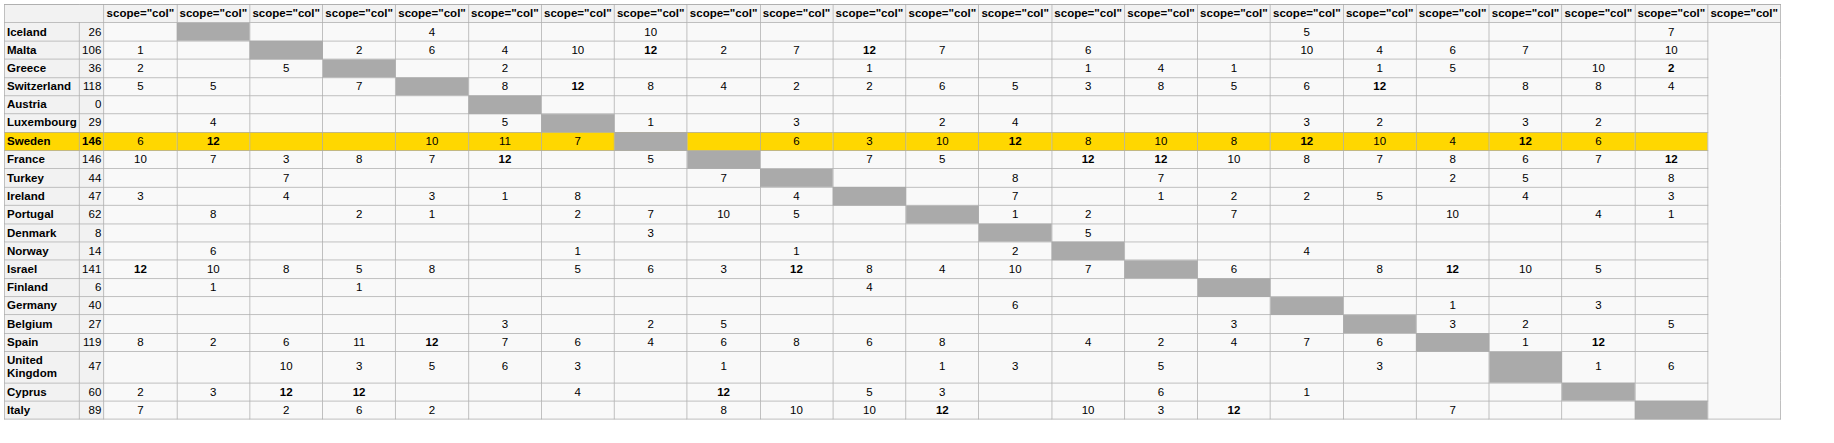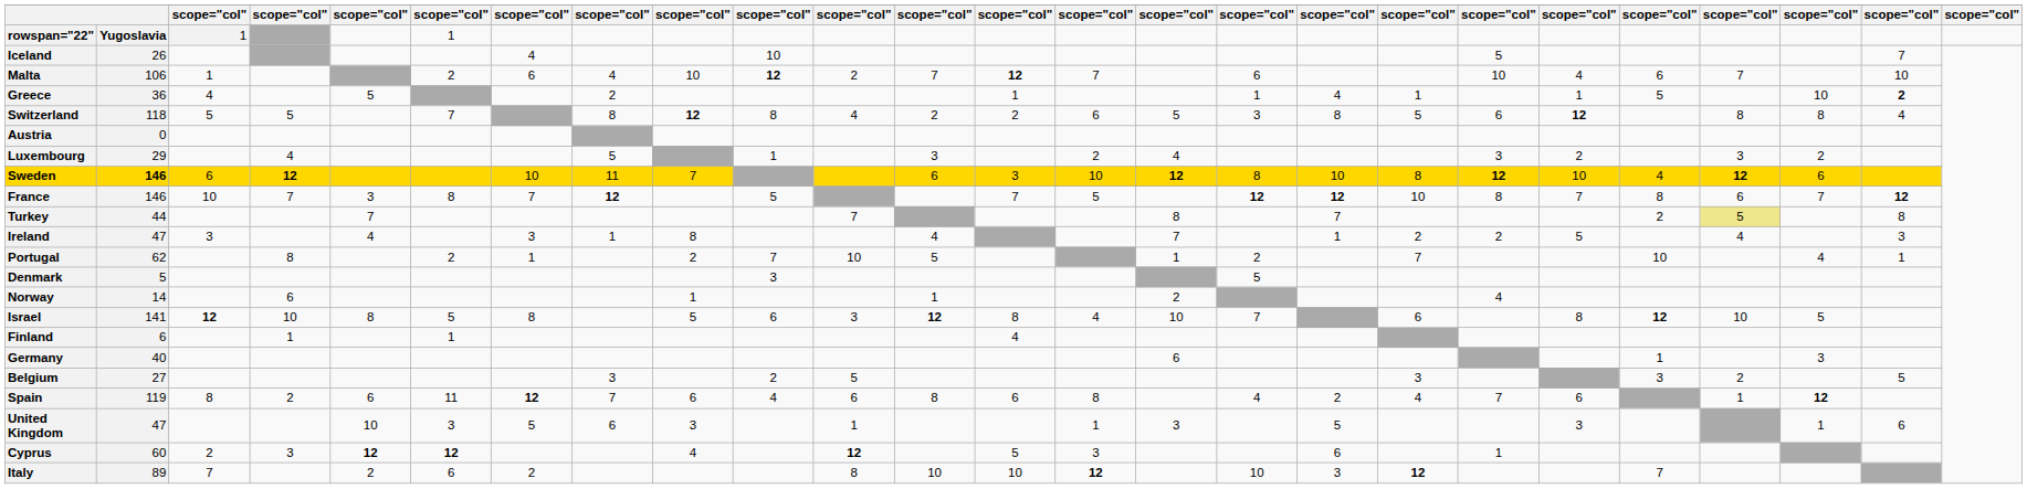 <table class="wikitable plainrowheaders" style="text-align:center;">
 <tr>
 </tr>
 <tr>
 <th colspan="2"></th>
 <th>scope="col" </th>
 <th>scope="col" </th>
 <th>scope="col" </th>
 <th>scope="col" </th>
 <th>scope="col" </th>
 <th>scope="col" </th>
 <th>scope="col" </th>
 <th>scope="col" </th>
 <th>scope="col" </th>
 <th>scope="col" </th>
 <th>scope="col" </th>
 <th>scope="col" </th>
 <th>scope="col" </th>
 <th>scope="col" </th>
 <th>scope="col" </th>
 <th>scope="col" </th>
 <th>scope="col" </th>
 <th>scope="col" </th>
 <th>scope="col" </th>
 <th>scope="col" </th>
 <th>scope="col" </th>
 <th>scope="col" </th>
 <th>scope="col" </th>
+</tr>
+<tr>
+<th>rowspan="22" </th>
+<th scope="row" style="text-align:left; background:#f2f2f2;">Yugoslavia</th>
+<td style="text-align:right; background:#f2f2f2;">1</td>
+<td style="text-align:left; background:#aaa;"></td>
+<td></td>
+<td>1</td>
+<td></td>
+<td></td>
+<td></td>
+<td></td>
+<td></td>
+<td></td>
+<td></td>
+<td></td>
+<td></td>
+<td></td>
+<td></td>
+<td></td>
+<td></td>
+<td></td>
+<td></td>
+<td></td>
+<td></td>
+<td></td>
+<td></td>
 </tr>
 <tr>
 <th scope="row" style="text-align:left; background:#f2f2f2;">Iceland</th>
 <td style="text-align:right; background:#f2f2f2;">26</td>
 <td></td>
 <td style="text-align:left; background:#aaa;"></td>
 <td></td>
 <td></td>
 <td>4</td>
 <td></td>
 <td></td>
 <td>10</td>
 <td></td>
 <td></td>
 <td></td>
 <td></td>
 <td></td>
 <td></td>
 <td></td>
 <td></td>
 <td>5</td>
 <td></td>
 <td></td>
 <td></td>
 <td></td>
 <td>7</td>
 </tr>
 <tr>
 <th scope="row" style="text-align:left; background:#f2f2f2;">Malta</th>
 <td style="text-align:right; background:#f2f2f2;">106</td>
 <td>1</td>
 <td></td>
 <td style="text-align:left; background:#aaa;"></td>
 <td>2</td>
 <td>6</td>
 <td>4</td>
 <td>10</td>
 <td><strong>12</strong></td>
 <td>2</td>
 <td>7</td>
 <td><strong>12</strong></td>
 <td>7</td>
 <td></td>
 <td>6</td>
 <td></td>
 <td></td>
 <td>10</td>
 <td>4</td>
 <td>6</td>
 <td>7</td>
 <td></td>
 <td>10</td>
 </tr>
 <tr>
 <th scope="row" style="text-align:left; background:#f2f2f2;">Greece</th>
 <td style="text-align:right; background:#f2f2f2;">36</td>
-<td>2</td>
+<td>4</td>
 <td></td>
 <td>5</td>
 <td style="text-align:left; background:#aaa;"></td>
 <td></td>
 <td>2</td>
 <td></td>
 <td></td>
 <td></td>
 <td></td>
 <td>1</td>
 <td></td>
 <td></td>
 <td>1</td>
 <td>4</td>
 <td>1</td>
 <td></td>
 <td>1</td>
 <td>5</td>
 <td></td>
 <td>10</td>
 <td><strong>2</strong></td>
 </tr>
 <tr>
 <th scope="row" style="text-align:left; background:#f2f2f2;">Switzerland</th>
 <td style="text-align:right; background:#f2f2f2;">118</td>
 <td>5</td>
 <td>5</td>
 <td></td>
 <td>7</td>
 <td style="text-align:left; background:#aaa;"></td>
 <td>8</td>
 <td><strong>12</strong></td>
 <td>8</td>
 <td>4</td>
 <td>2</td>
 <td>2</td>
 <td>6</td>
 <td>5</td>
 <td>3</td>
 <td>8</td>
 <td>5</td>
 <td>6</td>
 <td><strong>12</strong></td>
 <td></td>
 <td>8</td>
 <td>8</td>
 <td>4</td>
 </tr>
 <tr>
 <th scope="row" style="text-align:left; background:#f2f2f2;">Austria</th>
 <td style="text-align:right; background:#f2f2f2;">0</td>
 <td></td>
 <td></td>
 <td></td>
 <td></td>
 <td></td>
 <td style="text-align:left; background:#aaa;"></td>
 <td></td>
 <td></td>
 <td></td>
 <td></td>
 <td></td>
 <td></td>
 <td></td>
 <td></td>
 <td></td>
 <td></td>
 <td></td>
 <td></td>
 <td></td>
 <td></td>
 <td></td>
 <td></td>
 </tr>
 <tr>
 <th scope="row" style="text-align:left; background:#f2f2f2;">Luxembourg</th>
 <td style="text-align:right; background:#f2f2f2;">29</td>
 <td></td>
 <td>4</td>
 <td></td>
 <td></td>
 <td></td>
 <td>5</td>
 <td style="text-align:left; background:#aaa;"></td>
 <td>1</td>
 <td></td>
 <td>3</td>
 <td></td>
 <td>2</td>
 <td>4</td>
 <td></td>
 <td></td>
 <td></td>
 <td>3</td>
 <td>2</td>
 <td></td>
 <td>3</td>
 <td>2</td>
 <td></td>
 </tr>
 <tr style="background:gold;">
 <th scope="row" style="text-align:left; font-weight:bold; background:gold;">Sweden</th>
 <td style="text-align:right; font-weight:bold;">146</td>
 <td>6</td>
 <td><strong>12</strong></td>
 <td></td>
 <td></td>
 <td>10</td>
 <td>11</td>
 <td>7</td>
 <td style="text-align:left; background:#aaa;"></td>
 <td></td>
 <td>6</td>
 <td>3</td>
 <td>10</td>
 <td><strong>12</strong></td>
 <td>8</td>
 <td>10</td>
 <td>8</td>
 <td><strong>12</strong></td>
 <td>10</td>
 <td>4</td>
 <td><strong>12</strong></td>
 <td>6</td>
 <td></td>
 </tr>
 <tr>
 <th scope="row" style="text-align:left; background:#f2f2f2;">France</th>
 <td style="text-align:right; background:#f2f2f2;">146</td>
 <td>10</td>
 <td>7</td>
 <td>3</td>
 <td>8</td>
 <td>7</td>
 <td><strong>12</strong></td>
 <td></td>
 <td>5</td>
 <td style="text-align:left; background:#aaa;"></td>
 <td></td>
 <td>7</td>
 <td>5</td>
 <td></td>
 <td><strong>12</strong></td>
 <td><strong>12</strong></td>
 <td>10</td>
 <td>8</td>
 <td>7</td>
 <td>8</td>
 <td>6</td>
 <td>7</td>
 <td><strong>12</strong></td>
 </tr>
 <tr>
 <th scope="row" style="text-align:left; background:#f2f2f2;">Turkey</th>
 <td style="text-align:right; background:#f2f2f2;">44</td>
 <td></td>
 <td></td>
 <td>7</td>
 <td></td>
 <td></td>
 <td></td>
 <td></td>
 <td></td>
 <td>7</td>
 <td style="text-align:left; background:#aaa;"></td>
 <td></td>
 <td></td>
 <td>8</td>
 <td></td>
 <td>7</td>
 <td></td>
 <td></td>
 <td></td>
 <td>2</td>
-<td>5</td>
+<td style="background: khaki;">5</td>
 <td></td>
 <td>8</td>
 </tr>
 <tr>
 <th scope="row" style="text-align:left; background:#f2f2f2;">Ireland</th>
 <td style="text-align:right; background:#f2f2f2;">47</td>
 <td>3</td>
 <td></td>
 <td>4</td>
 <td></td>
 <td>3</td>
 <td>1</td>
 <td>8</td>
 <td></td>
 <td></td>
 <td>4</td>
 <td style="text-align:left; background:#aaa;"></td>
 <td></td>
 <td>7</td>
 <td></td>
 <td>1</td>
 <td>2</td>
 <td>2</td>
 <td>5</td>
 <td></td>
 <td>4</td>
 <td></td>
 <td>3</td>
 </tr>
 <tr>
 <th scope="row" style="text-align:left; background:#f2f2f2;">Portugal</th>
 <td style="text-align:right; background:#f2f2f2;">62</td>
 <td></td>
 <td>8</td>
 <td></td>
 <td>2</td>
 <td>1</td>
 <td></td>
 <td>2</td>
 <td>7</td>
 <td>10</td>
 <td>5</td>
 <td></td>
 <td style="text-align:left; background:#aaa;"></td>
 <td>1</td>
 <td>2</td>
 <td></td>
 <td>7</td>
 <td></td>
 <td></td>
 <td>10</td>
 <td></td>
 <td>4</td>
 <td>1</td>
 </tr>
 <tr>
 <th scope="row" style="text-align:left; background:#f2f2f2;">Denmark</th>
-<td style="text-align:right; background:#f2f2f2;">8</td>
+<td style="text-align:right; background:#f2f2f2;">5</td>
 <td></td>
 <td></td>
 <td></td>
 <td></td>
 <td></td>
 <td></td>
 <td></td>
 <td>3</td>
 <td></td>
 <td></td>
 <td></td>
 <td></td>
 <td style="text-align:left; background:#aaa;"></td>
 <td>5</td>
 <td></td>
 <td></td>
 <td></td>
 <td></td>
 <td></td>
 <td></td>
 <td></td>
 <td></td>
 </tr>
 <tr>
 <th scope="row" style="text-align:left; background:#f2f2f2;">Norway</th>
 <td style="text-align:right; background:#f2f2f2;">14</td>
 <td></td>
 <td>6</td>
 <td></td>
 <td></td>
 <td></td>
 <td></td>
 <td>1</td>
 <td></td>
 <td></td>
 <td>1</td>
 <td></td>
 <td></td>
 <td>2</td>
 <td style="text-align:left; background:#aaa;"></td>
 <td></td>
 <td></td>
 <td>4</td>
 <td></td>
 <td></td>
 <td></td>
 <td></td>
 <td></td>
 </tr>
 <tr>
 <th scope="row" style="text-align:left; background:#f2f2f2;">Israel</th>
 <td style="text-align:right; background:#f2f2f2;">141</td>
 <td><strong>12</strong></td>
 <td>10</td>
 <td>8</td>
 <td>5</td>
 <td>8</td>
 <td></td>
 <td>5</td>
 <td>6</td>
 <td>3</td>
 <td><strong>12</strong></td>
 <td>8</td>
 <td>4</td>
 <td>10</td>
 <td>7</td>
 <td style="text-align:left; background:#aaa;"></td>
 <td>6</td>
 <td></td>
 <td>8</td>
 <td><strong>12</strong></td>
 <td>10</td>
 <td>5</td>
 <td></td>
 </tr>
 <tr>
 <th scope="row" style="text-align:left; background:#f2f2f2;">Finland</th>
 <td style="text-align:right; background:#f2f2f2;">6</td>
 <td></td>
 <td>1</td>
 <td></td>
 <td>1</td>
 <td></td>
 <td></td>
 <td></td>
 <td></td>
 <td></td>
 <td></td>
 <td>4</td>
 <td></td>
 <td></td>
 <td></td>
 <td></td>
 <td style="text-align:left; background:#aaa;"></td>
 <td></td>
 <td></td>
 <td></td>
 <td></td>
 <td></td>
 <td></td>
 </tr>
 <tr>
 <th scope="row" style="text-align:left; background:#f2f2f2;">Germany</th>
 <td style="text-align:right; background:#f2f2f2;">40</td>
 <td></td>
 <td></td>
 <td></td>
 <td></td>
 <td></td>
 <td></td>
 <td></td>
 <td></td>
 <td></td>
 <td></td>
 <td></td>
 <td></td>
 <td>6</td>
 <td></td>
 <td></td>
 <td></td>
 <td style="text-align:left; background:#aaa;"></td>
 <td></td>
 <td>1</td>
 <td></td>
 <td>3</td>
 <td></td>
 </tr>
 <tr>
 <th scope="row" style="text-align:left; background:#f2f2f2;">Belgium</th>
 <td style="text-align:right; background:#f2f2f2;">27</td>
 <td></td>
 <td></td>
 <td></td>
 <td></td>
 <td></td>
 <td>3</td>
 <td></td>
 <td>2</td>
 <td>5</td>
 <td></td>
 <td></td>
 <td></td>
 <td></td>
 <td></td>
 <td></td>
 <td>3</td>
 <td></td>
 <td style="text-align:left; background:#aaa;"></td>
 <td>3</td>
 <td>2</td>
 <td></td>
 <td>5</td>
 </tr>
 <tr>
 <th scope="row" style="text-align:left; background:#f2f2f2;">Spain</th>
 <td style="text-align:right; background:#f2f2f2;">119</td>
 <td>8</td>
 <td>2</td>
 <td>6</td>
 <td>11</td>
 <td><strong>12</strong></td>
 <td>7</td>
 <td>6</td>
 <td>4</td>
 <td>6</td>
 <td>8</td>
 <td>6</td>
 <td>8</td>
 <td></td>
 <td>4</td>
 <td>2</td>
 <td>4</td>
 <td>7</td>
 <td>6</td>
 <td style="text-align:left; background:#aaa;"></td>
 <td>1</td>
 <td><strong>12</strong></td>
 <td></td>
 </tr>
 <tr>
 <th scope="row" style="text-align:left; background:#f2f2f2;">United Kingdom</th>
 <td style="text-align:right; background:#f2f2f2;">47</td>
 <td></td>
 <td></td>
 <td>10</td>
 <td>3</td>
 <td>5</td>
 <td>6</td>
 <td>3</td>
 <td></td>
 <td>1</td>
 <td></td>
 <td></td>
 <td>1</td>
 <td>3</td>
 <td></td>
 <td>5</td>
 <td></td>
 <td></td>
 <td>3</td>
 <td></td>
 <td style="text-align:left; background:#aaa;"></td>
 <td>1</td>
 <td>6</td>
 </tr>
 <tr>
 <th scope="row" style="text-align:left; background:#f2f2f2;">Cyprus</th>
 <td style="text-align:right; background:#f2f2f2;">60</td>
 <td>2</td>
 <td>3</td>
 <td><strong>12</strong></td>
 <td><strong>12</strong></td>
 <td></td>
 <td></td>
 <td>4</td>
 <td></td>
 <td><strong>12</strong></td>
 <td></td>
 <td>5</td>
 <td>3</td>
 <td></td>
 <td></td>
 <td>6</td>
 <td></td>
 <td>1</td>
 <td></td>
 <td></td>
 <td></td>
 <td style="text-align:left; background:#aaa;"></td>
 <td></td>
 </tr>
 <tr>
 <th scope="row" style="text-align:left; background:#f2f2f2;">Italy</th>
 <td style="text-align:right; background:#f2f2f2;">89</td>
 <td>7</td>
 <td></td>
 <td>2</td>
 <td>6</td>
 <td>2</td>
 <td></td>
 <td></td>
 <td></td>
 <td>8</td>
 <td>10</td>
 <td>10</td>
 <td><strong>12</strong></td>
 <td></td>
 <td>10</td>
 <td>3</td>
 <td><strong>12</strong></td>
 <td></td>
 <td></td>
 <td>7</td>
 <td></td>
 <td></td>
 <td style="text-align:left; background:#aaa;"></td>
 </tr>
 </table>
